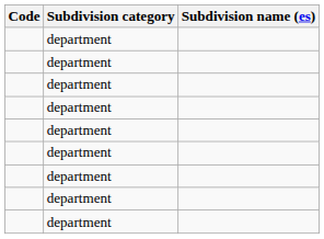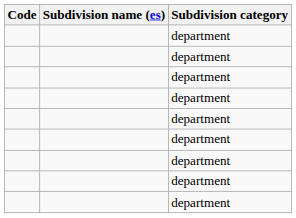 <table class="wikitable sortable">
 <tr>
 <th>Code</th>
+<th>Subdivision name (<a href='#'>es</a>)</th>
 <th>Subdivision category</th>
-<th>Subdivision name (<a href='#'>es</a>)</th>
 </tr>
 <tr>
 <td></td>
+<td></td>
 <td>department</td>
-<td></td>
 </tr>
 <tr>
 <td></td>
+<td></td>
 <td>department</td>
-<td></td>
 </tr>
 <tr>
 <td></td>
+<td></td>
 <td>department</td>
-<td></td>
 </tr>
 <tr>
 <td></td>
+<td></td>
 <td>department</td>
-<td></td>
 </tr>
 <tr>
 <td></td>
+<td></td>
 <td>department</td>
-<td></td>
 </tr>
 <tr>
 <td></td>
+<td></td>
 <td>department</td>
-<td></td>
 </tr>
 <tr>
 <td></td>
+<td></td>
 <td>department</td>
-<td></td>
 </tr>
 <tr>
 <td></td>
+<td></td>
 <td>department</td>
-<td></td>
 </tr>
 <tr>
 <td></td>
+<td></td>
 <td>department</td>
-<td></td>
 </tr>
 </table>
